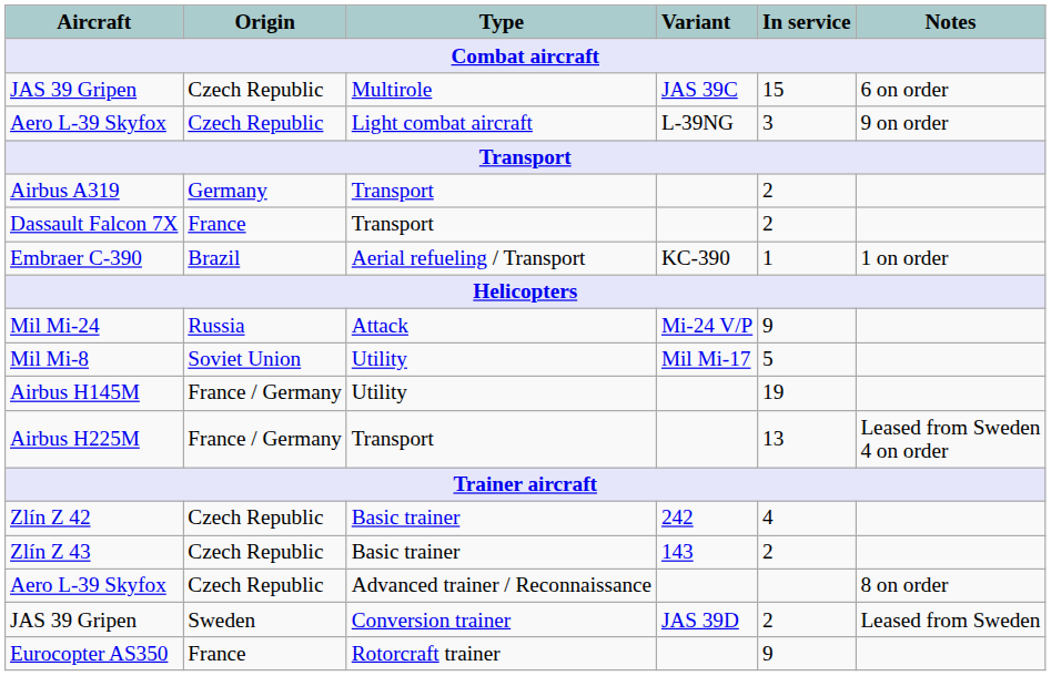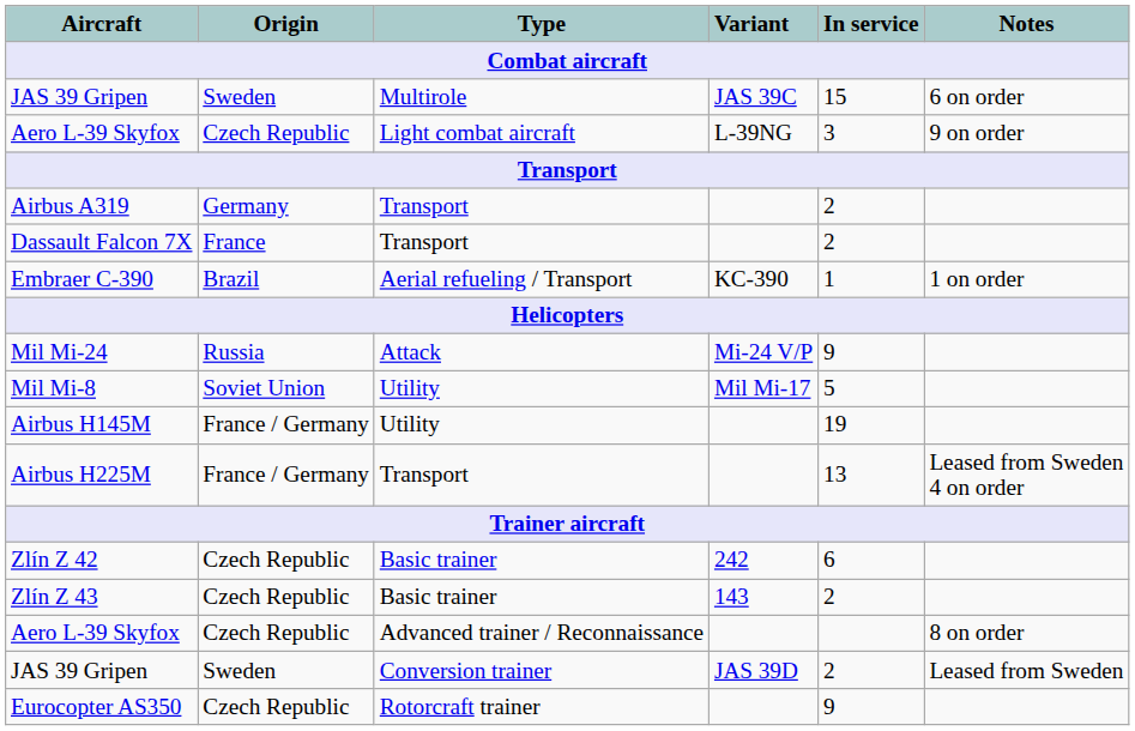 <table class="wikitable">
 <tr>
 <th style="text-align:center; background:#acc;">Aircraft</th>
 <th style="text-align: center; background:#acc;">Origin</th>
 <th style="text-align:l center; background:#acc;">Type</th>
 <th style="text-align:left; background:#acc;">Variant</th>
 <th style="text-align:center; background:#acc;">In service</th>
 <th style="text-align: center; background:#acc;">Notes</th>
 </tr>
 <tr>
 <th style="align: center; background: lavender;" colspan="7"><a href='#'>Combat aircraft</a></th>
 </tr>
 <tr>
 <td><a href='#'>JAS 39 Gripen</a></td>
-<td>Czech Republic</td>
+<td><a href='#'>Sweden</a></td>
 <td><a href='#'>Multirole</a></td>
 <td><a href='#'>JAS 39C</a></td>
 <td>15</td>
 <td>6 on order</td>
 </tr>
 <tr>
 <td><a href='#'>Aero L-39 Skyfox</a></td>
 <td><a href='#'>Czech Republic</a></td>
 <td><a href='#'>Light combat aircraft</a></td>
 <td>L-39NG</td>
 <td>3</td>
 <td>9 on order</td>
 </tr>
 <tr>
 <th style="align: center; background: lavender;" colspan="7"><a href='#'>Transport</a></th>
 </tr>
 <tr>
 <td><a href='#'>Airbus A319</a></td>
 <td><a href='#'>Germany</a></td>
 <td><a href='#'>Transport</a></td>
 <td></td>
 <td>2</td>
 <td></td>
 </tr>
 <tr>
 <td><a href='#'>Dassault Falcon 7X</a></td>
 <td><a href='#'>France</a></td>
 <td>Transport</td>
 <td></td>
 <td>2</td>
 <td></td>
 </tr>
 <tr>
 <td><a href='#'> Embraer C-390</a></td>
 <td><a href='#'>Brazil</a></td>
 <td><a href='#'>Aerial refueling</a> / Transport</td>
 <td>KC-390</td>
 <td>1</td>
 <td>1 on order</td>
 </tr>
 <tr>
 <th style="align: center; background: lavender;" colspan="7"><a href='#'>Helicopters</a></th>
 </tr>
 <tr>
 <td><a href='#'>Mil Mi-24</a></td>
 <td><a href='#'>Russia</a></td>
 <td><a href='#'>Attack</a></td>
 <td><a href='#'>Mi-24 V/P</a></td>
 <td>9</td>
 <td></td>
 </tr>
 <tr>
 <td><a href='#'>Mil Mi-8</a></td>
 <td><a href='#'>Soviet Union</a></td>
 <td><a href='#'>Utility</a></td>
 <td><a href='#'>Mil Mi-17</a></td>
 <td>5</td>
 <td></td>
 </tr>
 <tr>
 <td><a href='#'>Airbus H145M</a></td>
 <td>France / Germany</td>
 <td>Utility</td>
 <td></td>
 <td>19</td>
 <td></td>
 </tr>
 <tr>
 <td><a href='#'>Airbus H225M</a></td>
 <td>France / Germany</td>
 <td>Transport</td>
 <td></td>
 <td>13</td>
 <td>Leased from Sweden<br>4 on order</td>
 </tr>
 <tr>
 <th style="align: center; background: lavender;" colspan="7"><a href='#'>Trainer aircraft</a></th>
 </tr>
 <tr>
 <td><a href='#'>Zlín Z 42</a></td>
 <td>Czech Republic</td>
 <td><a href='#'>Basic trainer</a></td>
 <td><a href='#'>242</a></td>
-<td>4</td>
+<td>6</td>
 <td></td>
 </tr>
 <tr>
 <td><a href='#'>Zlín Z 43</a></td>
 <td>Czech Republic</td>
 <td>Basic trainer</td>
 <td><a href='#'>143</a></td>
 <td>2</td>
 <td></td>
 </tr>
 <tr>
 <td><a href='#'>Aero L-39 Skyfox</a></td>
 <td>Czech Republic</td>
 <td>Advanced trainer / Reconnaissance</td>
 <td></td>
 <td></td>
 <td>8 on order</td>
 </tr>
 <tr>
 <td>JAS 39 Gripen</td>
 <td>Sweden</td>
 <td><a href='#'>Conversion trainer</a></td>
 <td><a href='#'>JAS 39D</a></td>
 <td>2</td>
 <td>Leased from Sweden</td>
 </tr>
 <tr>
 <td><a href='#'>Eurocopter AS350</a></td>
-<td>France</td>
+<td>Czech Republic</td>
 <td><a href='#'>Rotorcraft</a> trainer</td>
 <td></td>
 <td>9</td>
 <td></td>
 </tr>
 </table>
